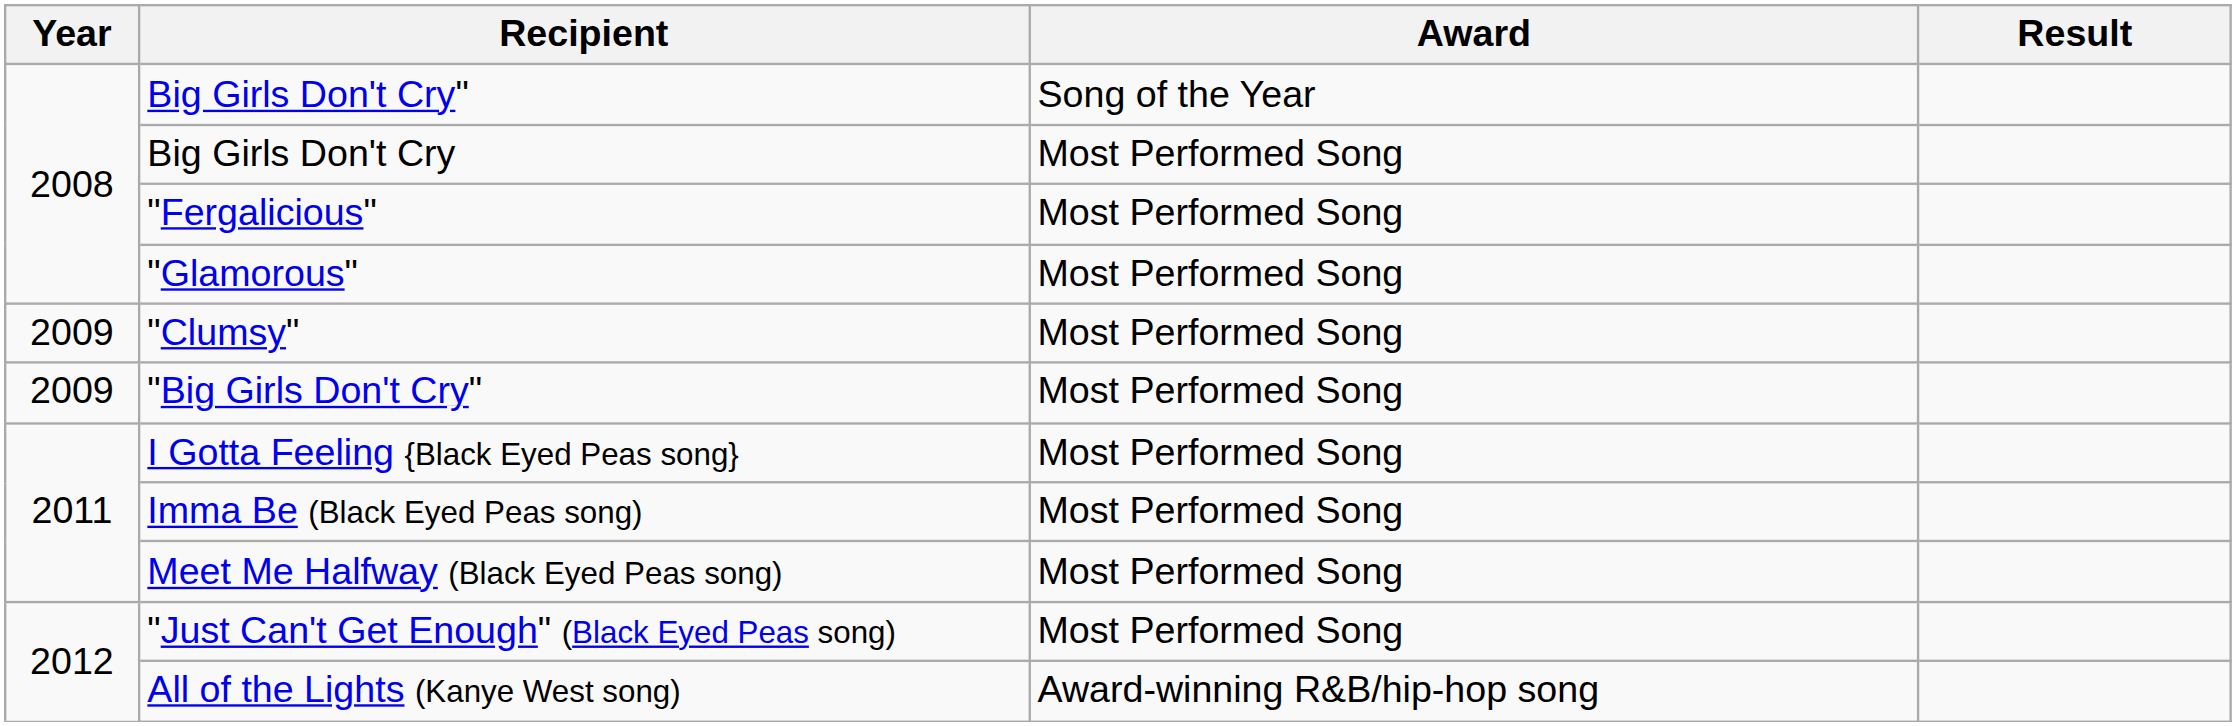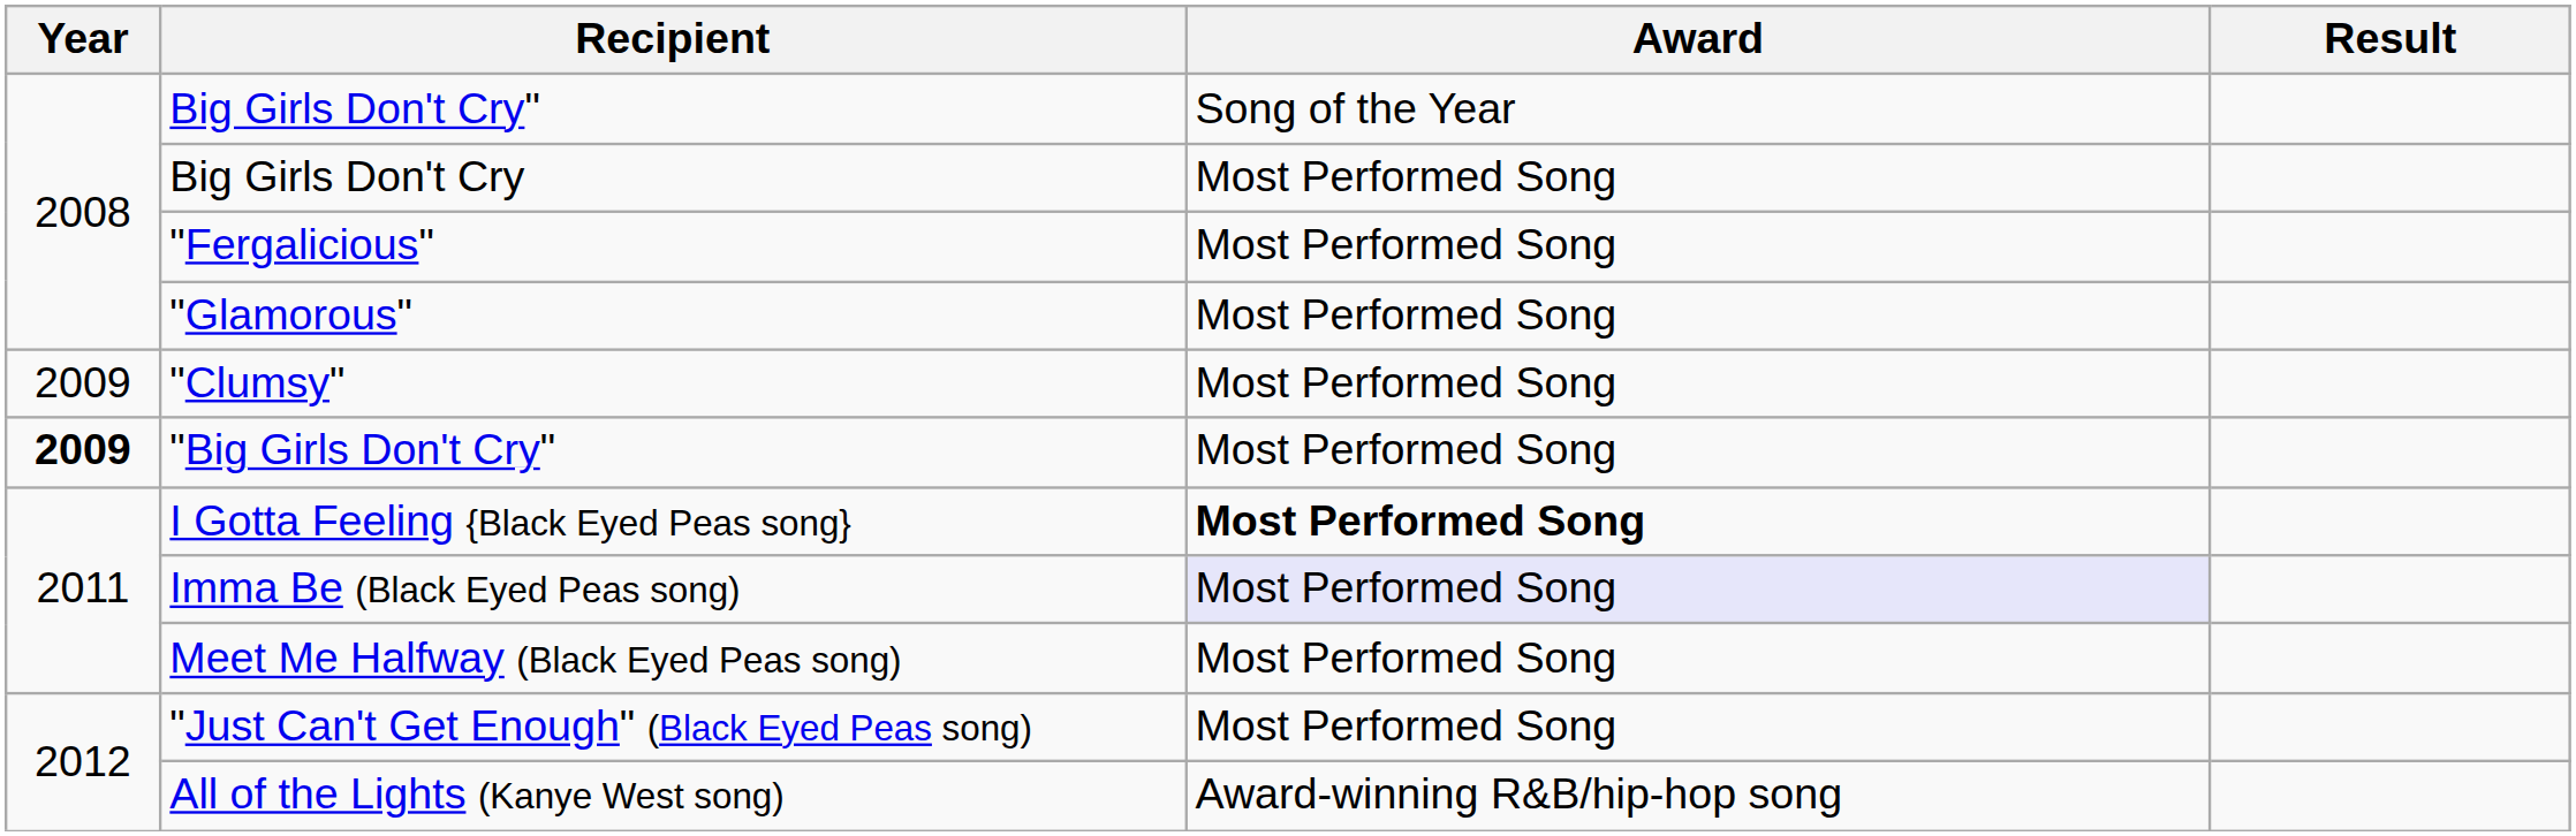 <table style="width: 75%;" class="wikitable">
 <tr>
 <th style="width:6%;">Year</th>
 <th style="width:40%;">Recipient</th>
 <th style="width:40%;">Award</th>
 <th style="width:14%;">Result</th>
 </tr>
 <tr>
 <td rowspan="4" style="text-align:center;">2008</td>
 <td><a href='#'>Big Girls Don't Cry</a>"</td>
 <td rowspan="1">Song of the Year</td>
 <td></td>
 </tr>
 <tr>
 <td>Big Girls Don't Cry</td>
 <td rowspan="1">Most Performed Song</td>
 <td></td>
 </tr>
 <tr>
 <td>"<a href='#'>Fergalicious</a>"</td>
 <td>Most Performed Song</td>
 <td></td>
 </tr>
 <tr>
 <td rowspan="1" style="text-align:left;">"<a href='#'>Glamorous</a>"</td>
 <td>Most Performed Song</td>
 <td></td>
 </tr>
 <tr>
 <td rowspan="1" style="text-align:center;">2009</td>
 <td rowspan="1" style="text-align:left;">"<a href='#'>Clumsy</a>"</td>
 <td>Most Performed Song</td>
 <td></td>
 </tr>
 <tr>
-<td rowspan="1" style="text-align:center;">2009</td>
+<td rowspan="1" style="text-align:center;"><strong>2009</strong></td>
 <td rowspan="1" style="text-align:left;">"<a href='#'>Big Girls Don't Cry</a>"</td>
 <td>Most Performed Song</td>
 <td></td>
 </tr>
 <tr>
 <td rowspan="3" style="text-align:center;">2011</td>
 <td><a href='#'>I Gotta Feeling</a> <small>{Black Eyed Peas song}</small></td>
-<td>Most Performed Song</td>
+<td><strong>Most Performed Song</strong></td>
 <td></td>
 </tr>
 <tr>
 <td><a href='#'>Imma Be</a> <small>(Black Eyed Peas song)</small></td>
-<td>Most Performed Song</td>
+<td style="background: lavender;">Most Performed Song</td>
 <td></td>
 </tr>
 <tr>
 <td><a href='#'>Meet Me Halfway</a> <small>(Black Eyed Peas song)</small></td>
 <td>Most Performed Song</td>
 <td></td>
 </tr>
 <tr>
 <td rowspan="3" style=text-align:center>2012</td>
 <td style=text-align:left>"<a href='#'>Just Can't Get Enough</a>" <small>(<a href='#'>Black Eyed Peas</a> song)</small></td>
 <td>Most Performed Song</td>
 <td></td>
 </tr>
 <tr>
 <td><a href='#'>All of the Lights</a> <small>(Kanye West song)</small></td>
 <td>Award-winning R&B/hip-hop song</td>
 <td></td>
 </tr>
 <tr>
 </tr>
 </table>
